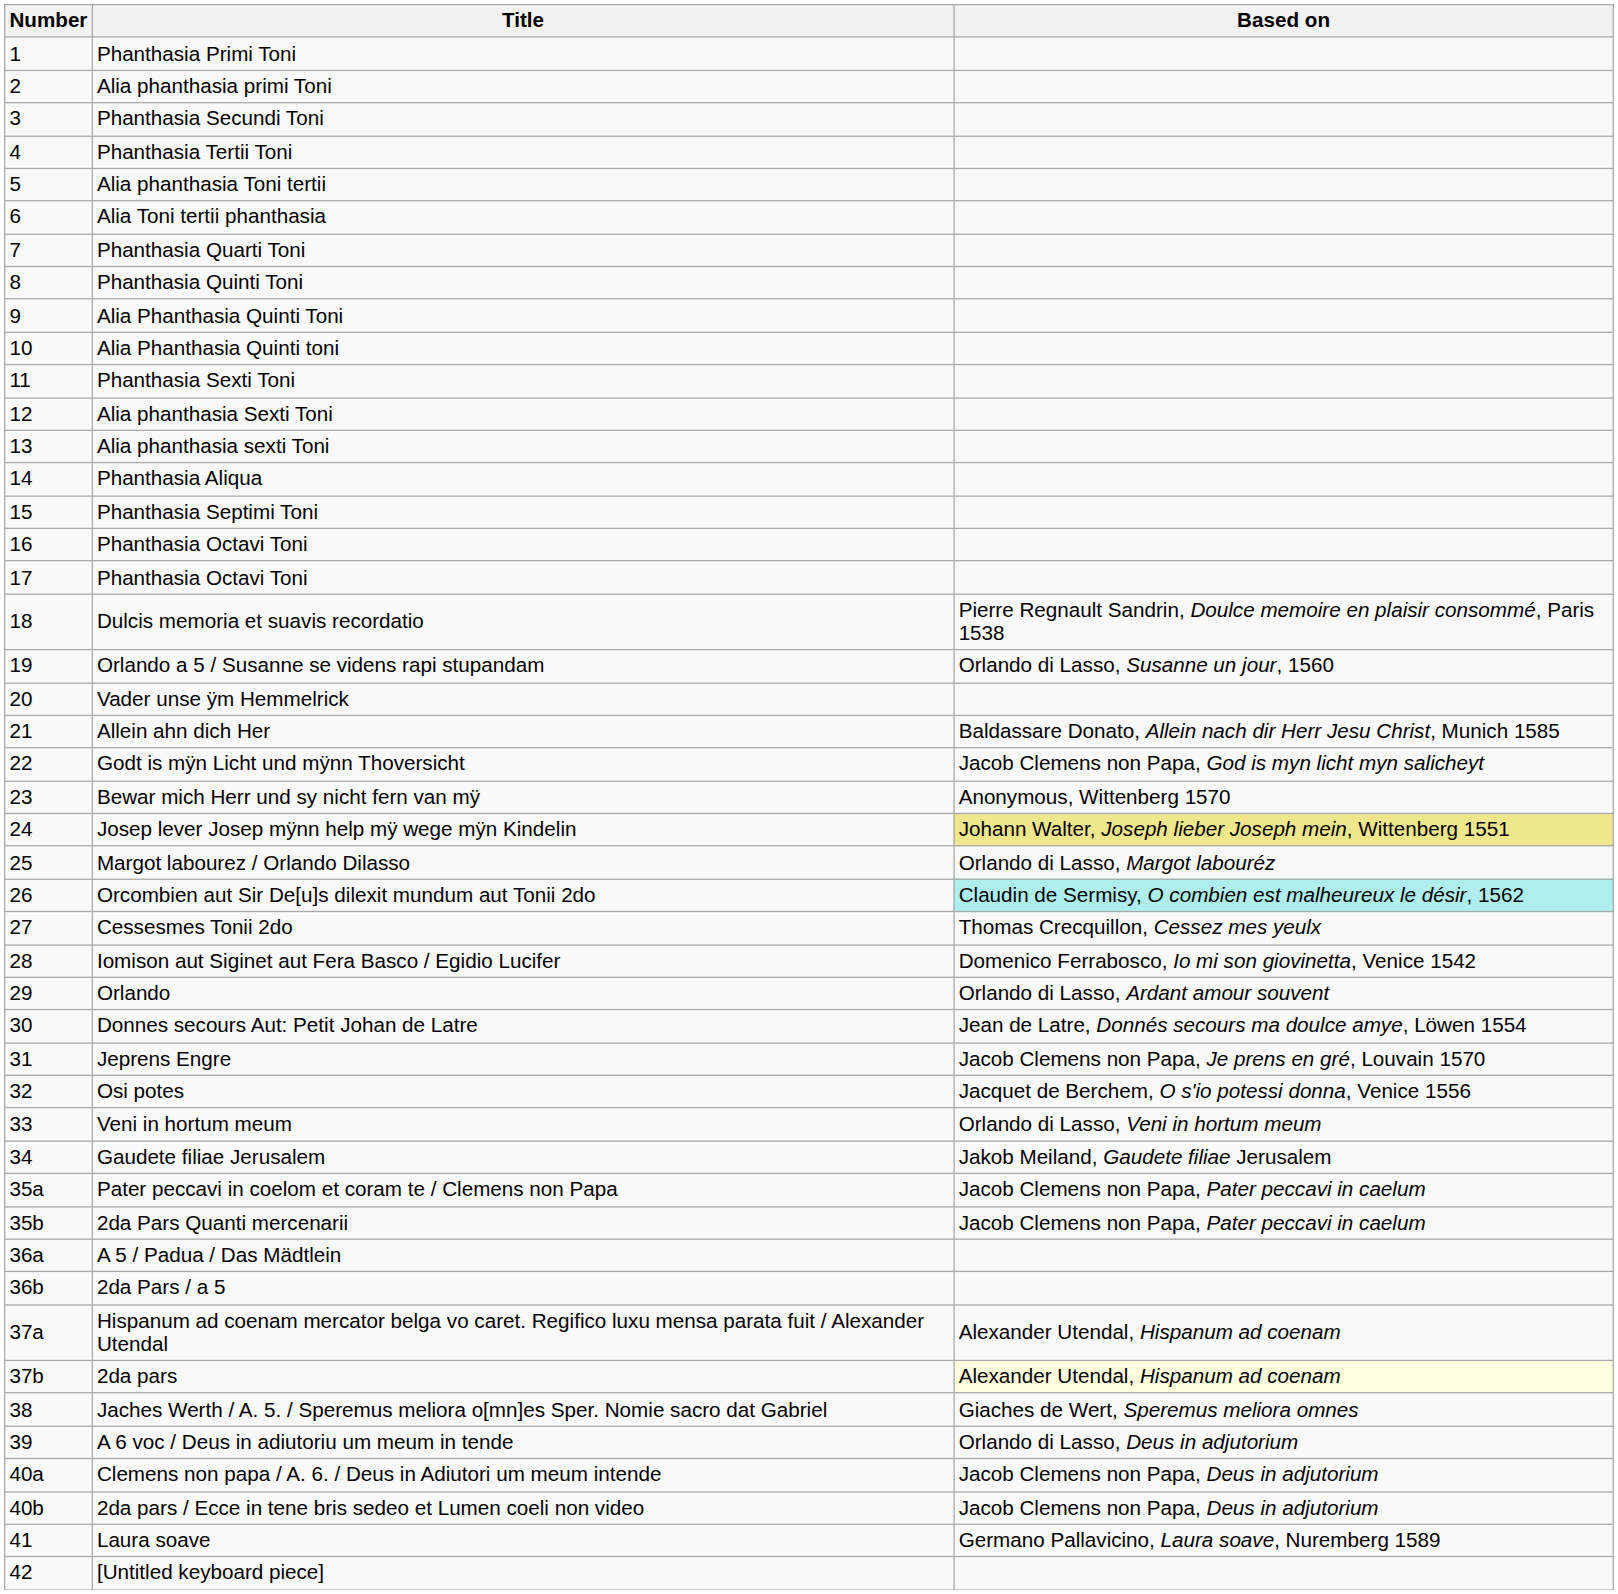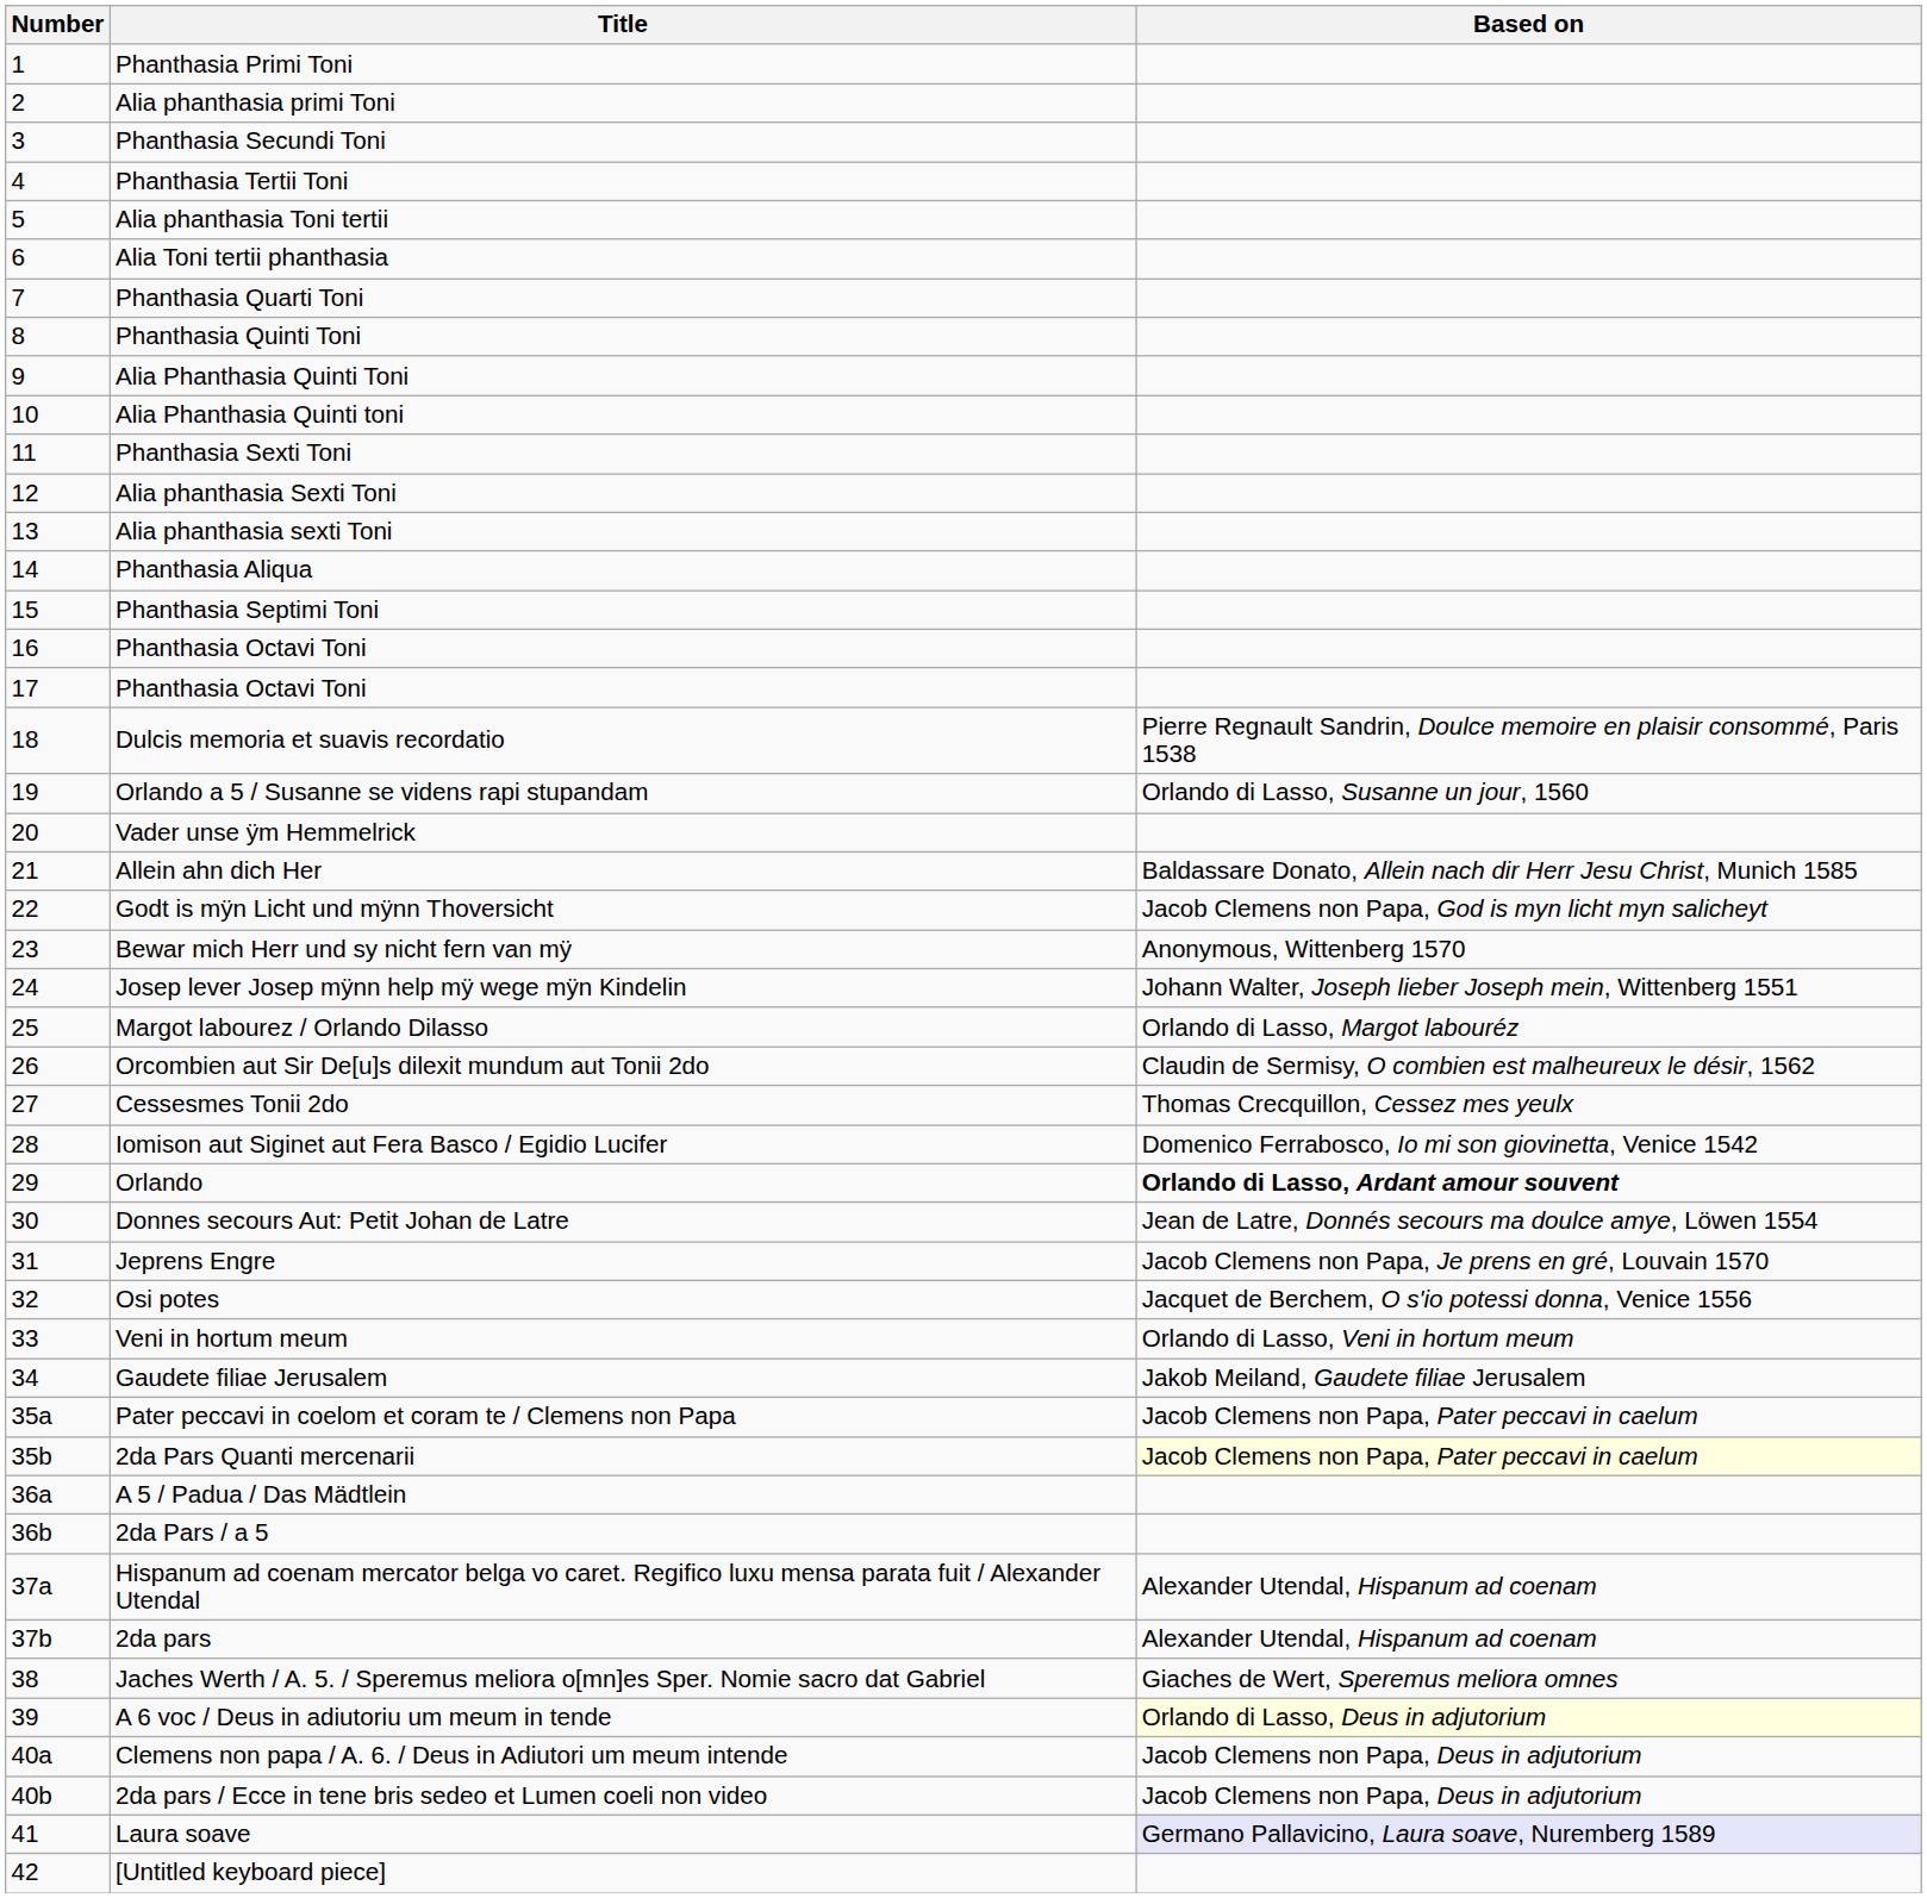 <table class="wikitable">
 <tr>
 <th>Number</th>
 <th>Title</th>
 <th>Based on</th>
 </tr>
 <tr>
 <td>1</td>
 <td>Phanthasia Primi Toni</td>
 <td></td>
 </tr>
 <tr>
 <td>2</td>
 <td>Alia phanthasia primi Toni</td>
 <td></td>
 </tr>
 <tr>
 <td>3</td>
 <td>Phanthasia Secundi Toni</td>
 <td></td>
 </tr>
 <tr>
 <td>4</td>
 <td>Phanthasia Tertii Toni</td>
 <td></td>
 </tr>
 <tr>
 <td>5</td>
 <td>Alia phanthasia Toni tertii</td>
 <td></td>
 </tr>
 <tr>
 <td>6</td>
 <td>Alia Toni tertii phanthasia</td>
 <td></td>
 </tr>
 <tr>
 <td>7</td>
 <td>Phanthasia Quarti Toni</td>
 <td></td>
 </tr>
 <tr>
 <td>8</td>
 <td>Phanthasia Quinti Toni</td>
 <td></td>
 </tr>
 <tr>
 <td>9</td>
 <td>Alia Phanthasia Quinti Toni</td>
 <td></td>
 </tr>
 <tr>
 <td>10</td>
 <td>Alia Phanthasia Quinti toni</td>
 <td></td>
 </tr>
 <tr>
 <td>11</td>
 <td>Phanthasia Sexti Toni</td>
 <td></td>
 </tr>
 <tr>
 <td>12</td>
 <td>Alia phanthasia Sexti Toni</td>
 <td></td>
 </tr>
 <tr>
 <td>13</td>
 <td>Alia phanthasia sexti Toni</td>
 <td></td>
 </tr>
 <tr>
 <td>14</td>
 <td>Phanthasia Aliqua</td>
 <td></td>
 </tr>
 <tr>
 <td>15</td>
 <td>Phanthasia Septimi Toni</td>
 <td></td>
 </tr>
 <tr>
 <td>16</td>
 <td>Phanthasia Octavi Toni</td>
 <td></td>
 </tr>
 <tr>
 <td>17</td>
 <td>Phanthasia Octavi Toni</td>
 <td></td>
 </tr>
 <tr>
 <td>18</td>
 <td>Dulcis memoria et suavis recordatio</td>
 <td>Pierre Regnault Sandrin, <em>Doulce memoire en plaisir consommé</em>, Paris 1538</td>
 </tr>
 <tr>
 <td>19</td>
 <td>Orlando a 5 / Susanne se videns rapi stupandam</td>
 <td>Orlando di Lasso, <em>Susanne un jour</em>, 1560</td>
 </tr>
 <tr>
 <td>20</td>
 <td>Vader unse ÿm Hemmelrick</td>
 <td></td>
 </tr>
 <tr>
 <td>21</td>
 <td>Allein ahn dich Her</td>
 <td>Baldassare Donato, <em>Allein nach dir Herr Jesu Christ</em>, Munich 1585</td>
 </tr>
 <tr>
 <td>22</td>
 <td>Godt is mÿn Licht und mÿnn Thoversicht</td>
 <td>Jacob Clemens non Papa, <em>God is myn licht myn salicheyt</em></td>
 </tr>
 <tr>
 <td>23</td>
 <td>Bewar mich Herr und sy nicht fern van mÿ</td>
 <td>Anonymous, Wittenberg 1570</td>
 </tr>
 <tr>
 <td>24</td>
 <td>Josep lever Josep mÿnn help mÿ wege mÿn Kindelin</td>
-<td style="background: khaki;">Johann Walter, <em>Joseph lieber Joseph mein</em>, Wittenberg 1551</td>
+<td>Johann Walter, <em>Joseph lieber Joseph mein</em>, Wittenberg 1551</td>
 </tr>
 <tr>
 <td>25</td>
 <td>Margot labourez / Orlando Dilasso</td>
 <td>Orlando di Lasso, <em>Margot labouréz</em></td>
 </tr>
 <tr>
 <td>26</td>
 <td>Orcombien aut Sir De[u]s dilexit mundum aut Tonii 2do</td>
-<td style="background: paleturquoise;">Claudin de Sermisy, <em>O combien est malheureux le désir</em>, 1562</td>
+<td>Claudin de Sermisy, <em>O combien est malheureux le désir</em>, 1562</td>
 </tr>
 <tr>
 <td>27</td>
 <td>Cessesmes Tonii 2do</td>
 <td>Thomas Crecquillon, <em>Cessez mes yeulx</em></td>
 </tr>
 <tr>
 <td>28</td>
 <td>Iomison aut Siginet aut Fera Basco / Egidio Lucifer</td>
 <td>Domenico Ferrabosco, <em>Io mi son giovinetta</em>, Venice 1542</td>
 </tr>
 <tr>
 <td>29</td>
 <td Ardant amour>Orlando</td>
-<td>Orlando di Lasso, <em>Ardant amour souvent</em></td>
+<td><strong>Orlando di Lasso, <em>Ardant amour souvent</em></strong></td>
 </tr>
 <tr>
 <td>30</td>
 <td>Donnes secours Aut: Petit Johan de Latre</td>
 <td>Jean de Latre, <em>Donnés secours ma doulce amye</em>, Löwen 1554</td>
 </tr>
 <tr>
 <td>31</td>
 <td>Jeprens Engre</td>
 <td>Jacob Clemens non Papa, <em>Je prens en gré</em>, Louvain 1570</td>
 </tr>
 <tr>
 <td>32</td>
 <td>Osi potes</td>
 <td>Jacquet de Berchem, <em>O s'io potessi donna</em>, Venice 1556</td>
 </tr>
 <tr>
 <td>33</td>
 <td>Veni in hortum meum</td>
 <td>Orlando di Lasso, <em>Veni in hortum meum</em></td>
 </tr>
 <tr>
 <td>34</td>
 <td>Gaudete filiae Jerusalem</td>
 <td>Jakob Meiland, <em>Gaudete filiae</em> Jerusalem</td>
 </tr>
 <tr>
 <td>35a</td>
 <td>Pater peccavi in coelom et coram te / Clemens non Papa</td>
 <td>Jacob Clemens non Papa, <em>Pater peccavi in caelum</em></td>
 </tr>
 <tr>
 <td>35b</td>
 <td>2da Pars Quanti mercenarii</td>
-<td>Jacob Clemens non Papa, <em>Pater peccavi in caelum</em></td>
+<td style="background: lightyellow;">Jacob Clemens non Papa, <em>Pater peccavi in caelum</em></td>
 </tr>
 <tr>
 <td>36a</td>
 <td>A 5 / Padua / Das Mädtlein</td>
 <td></td>
 </tr>
 <tr>
 <td>36b</td>
 <td>2da Pars / a 5</td>
 <td></td>
 </tr>
 <tr>
 <td>37a</td>
 <td>Hispanum ad coenam mercator belga vo caret. Regifico luxu mensa parata fuit / Alexander Utendal</td>
 <td>Alexander Utendal, <em>Hispanum ad coenam</em></td>
 </tr>
 <tr>
 <td>37b</td>
 <td>2da pars</td>
-<td style="background: lightyellow;">Alexander Utendal, <em>Hispanum ad coenam</em></td>
+<td>Alexander Utendal, <em>Hispanum ad coenam</em></td>
 </tr>
 <tr>
 <td>38</td>
 <td>Jaches Werth / A. 5. / Speremus meliora o[mn]es Sper. Nomie sacro dat Gabriel</td>
 <td>Giaches de Wert, <em>Speremus meliora omnes</em></td>
 </tr>
 <tr>
 <td>39</td>
 <td>A 6 voc / Deus in adiutoriu um meum in tende</td>
-<td>Orlando di Lasso, <em>Deus in adjutorium</em></td>
+<td style="background: lightyellow;">Orlando di Lasso, <em>Deus in adjutorium</em></td>
 </tr>
 <tr>
 <td>40a</td>
 <td>Clemens non papa / A. 6. / Deus in Adiutori um meum intende</td>
 <td>Jacob Clemens non Papa, <em>Deus in adjutorium</em></td>
 </tr>
 <tr>
 <td>40b</td>
 <td>2da pars / Ecce in tene bris sedeo et Lumen coeli non video</td>
 <td>Jacob Clemens non Papa, <em>Deus in adjutorium</em></td>
 </tr>
 <tr>
 <td>41</td>
 <td>Laura soave</td>
-<td>Germano Pallavicino, <em>Laura soave</em>, Nuremberg 1589</td>
+<td style="background: lavender;">Germano Pallavicino, <em>Laura soave</em>, Nuremberg 1589</td>
 </tr>
 <tr>
 <td>42</td>
 <td>[Untitled keyboard piece]</td>
 <td></td>
 </tr>
 </table>
